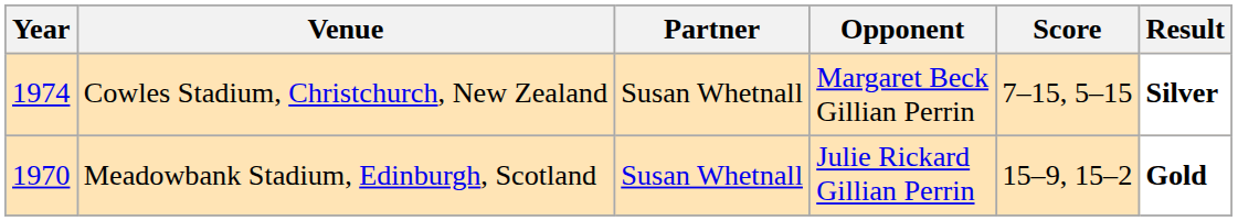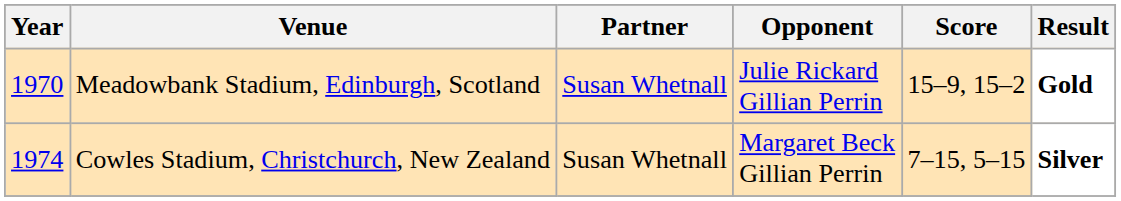 <table class="sortable wikitable" style="font-size: 90%;">
 <tr>
 <th>Year</th>
 <th>Venue</th>
 <th>Partner</th>
 <th>Opponent</th>
 <th>Score</th>
 <th>Result</th>
 </tr>
 <tr style="background:#FFE4B5">
+<td align="center"><a href='#'>1970</a></td>
+<td align="left">Meadowbank Stadium, <a href='#'>Edinburgh</a>, Scotland</td>
+<td align="left"> <a href='#'>Susan Whetnall</a></td>
+<td align="left"> <a href='#'>Julie Rickard</a><br> <a href='#'>Gillian Perrin</a></td>
+<td align="left">15–9, 15–2</td>
+<td style="text-align:left; background:white"> <strong>Gold</strong></td>
+</tr>
+<tr style="background:#FFE4B5">
 <td align="center"><a href='#'>1974</a></td>
 <td align="left">Cowles Stadium, <a href='#'>Christchurch</a>, New Zealand</td>
 <td align="left"> Susan Whetnall</td>
 <td align="left"> <a href='#'>Margaret Beck</a><br> Gillian Perrin</td>
 <td align="left">7–15, 5–15</td>
 <td style="text-align:left; background:white"> <strong>Silver</strong></td>
 </tr>
-<tr style="background:#FFE4B5">
-<td align="center"><a href='#'>1970</a></td>
-<td align="left">Meadowbank Stadium, <a href='#'>Edinburgh</a>, Scotland</td>
-<td align="left"> <a href='#'>Susan Whetnall</a></td>
-<td align="left"> <a href='#'>Julie Rickard</a><br> <a href='#'>Gillian Perrin</a></td>
-<td align="left">15–9, 15–2</td>
-<td style="text-align:left; background:white"> <strong>Gold</strong></td>
-</tr>
 </table>
